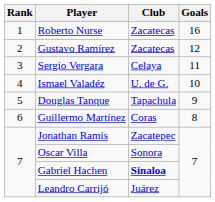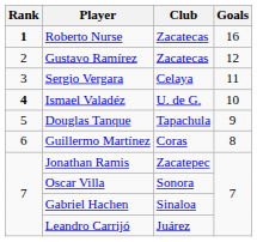 <table class="wikitable">
 <tr>
 <th>Rank</th>
 <th>Player</th>
 <th>Club</th>
 <th>Goals</th>
 </tr>
 <tr>
-<td align=center rowspan=1>1</td>
+<td align=center rowspan=1><strong>1</strong></td>
 <td> <a href='#'>Roberto Nurse</a></td>
 <td><a href='#'>Zacatecas</a></td>
 <td align=center rowspan=1>16</td>
 </tr>
 <tr>
 <td align=center rowspan=1>2</td>
 <td> <a href='#'>Gustavo Ramírez</a></td>
 <td><a href='#'>Zacatecas</a></td>
 <td align=center rowspan=1>12</td>
 </tr>
 <tr>
 <td align=center rowspan=1>3</td>
 <td> <a href='#'>Sergio Vergara</a></td>
 <td><a href='#'>Celaya</a></td>
 <td align=center rowspan=1>11</td>
 </tr>
 <tr>
-<td align=center rowspan=1>4</td>
+<td align=center rowspan=1><strong>4</strong></td>
 <td> <a href='#'>Ismael Valadéz</a></td>
 <td><a href='#'>U. de G.</a></td>
 <td align=center rowspan=1>10</td>
 </tr>
 <tr>
 <td align=center rowspan=1>5</td>
 <td> <a href='#'>Douglas Tanque</a></td>
 <td><a href='#'>Tapachula</a></td>
 <td align=center rowspan=1>9</td>
 </tr>
 <tr>
 <td align=center rowspan=1>6</td>
 <td> <a href='#'>Guillermo Martínez</a></td>
 <td><a href='#'>Coras</a></td>
 <td align=center rowspan=1>8</td>
 </tr>
 <tr>
 <td align=center rowspan=4>7</td>
 <td> <a href='#'>Jonathan Ramis</a></td>
 <td><a href='#'>Zacatepec</a></td>
 <td align=center rowspan=4>7</td>
 </tr>
 <tr>
 <td> <a href='#'>Oscar Villa</a></td>
 <td><a href='#'>Sonora</a></td>
 </tr>
 <tr>
 <td> <a href='#'>Gabriel Hachen</a></td>
-<td><strong><a href='#'>Sinaloa</a></strong></td>
+<td><a href='#'>Sinaloa</a></td>
 </tr>
 <tr>
 <td> <a href='#'>Leandro Carrijó</a></td>
 <td><a href='#'>Juárez</a></td>
 </tr>
 </table>
